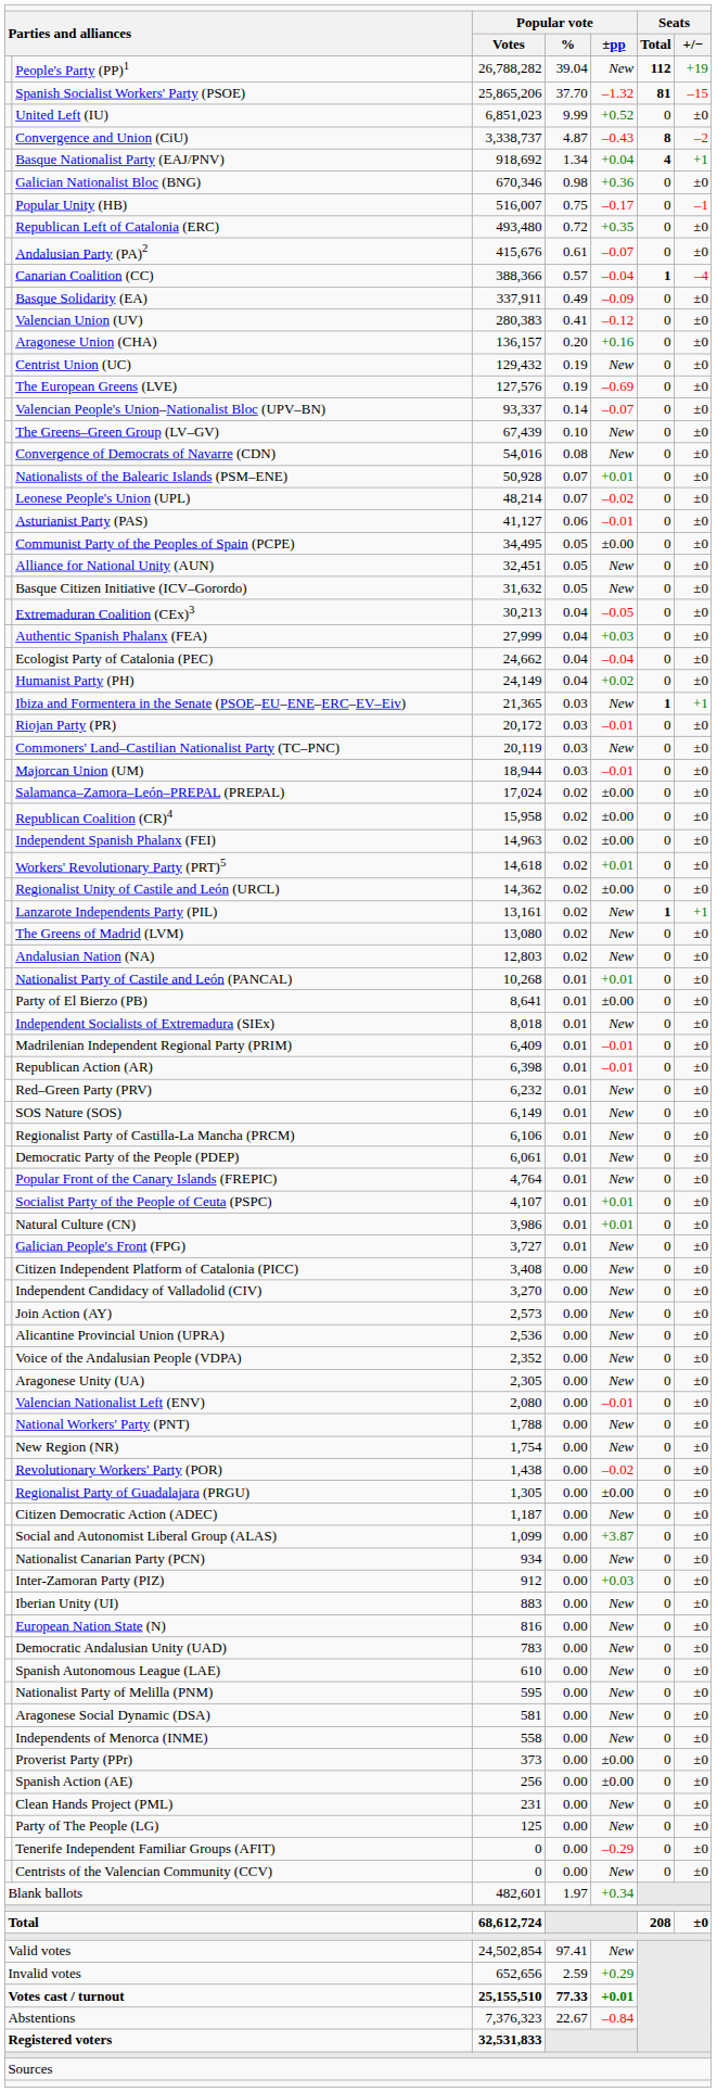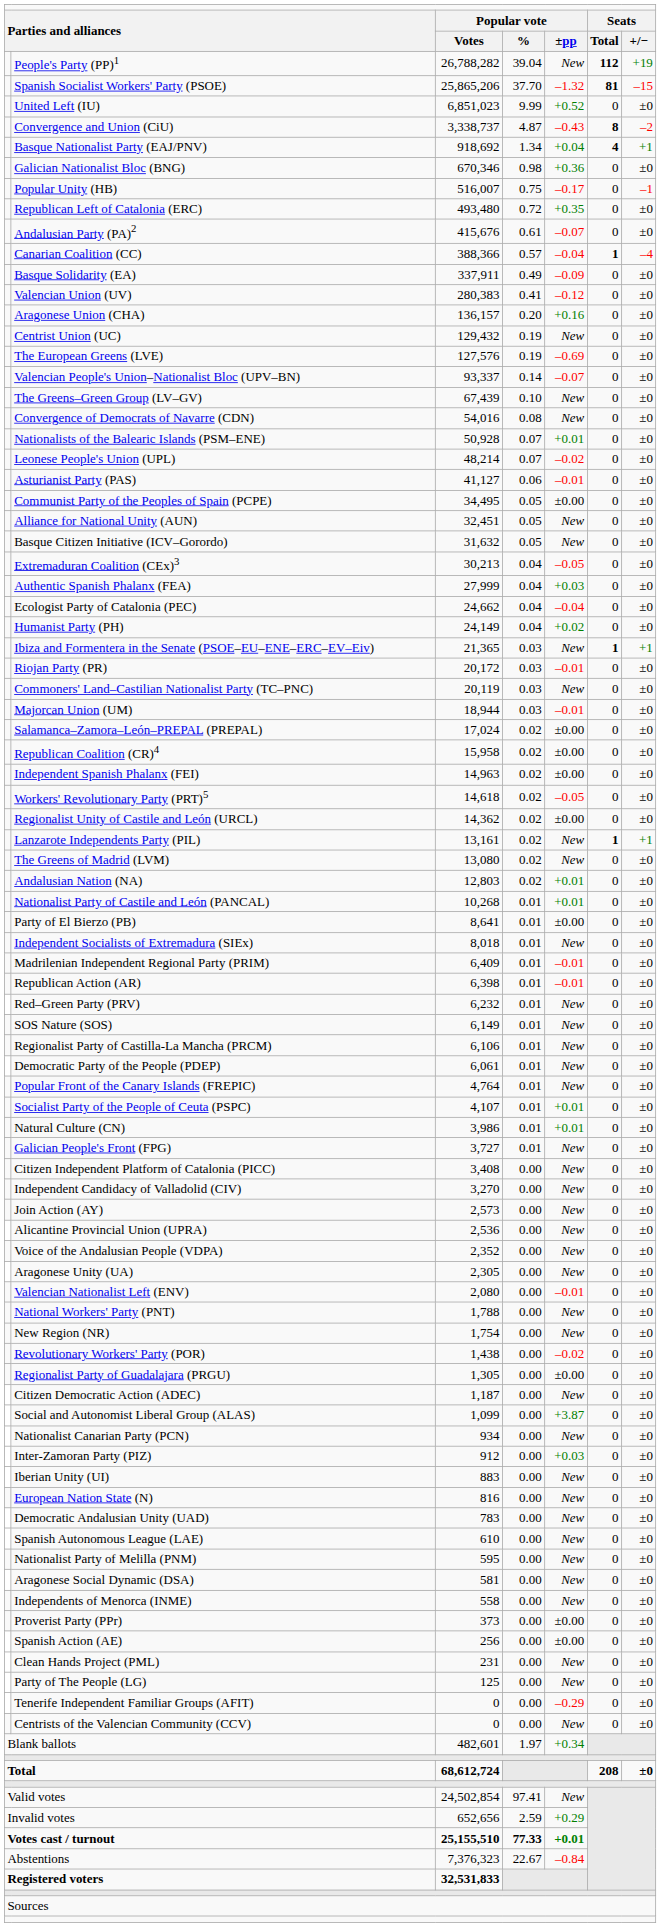 <table class="wikitable" style="text-align:right;">
 <tr>
 <td colspan="7"></td>
 </tr>
 <tr>
 <th style="text-align:left;" rowspan="2" colspan="2" width="525">Parties and alliances</th>
 <th colspan="3">Popular vote</th>
 <th colspan="2">Seats</th>
 </tr>
 <tr>
 <th width="75">Votes</th>
 <th width="45">%</th>
 <th width="45">±<a href='#'>pp</a></th>
 <th width="35">Total</th>
 <th width="35">+/−</th>
 </tr>
 <tr>
 <td width="1" style="color:inherit;background:"></td>
 <td align="left"><a href='#'>People's Party</a> (PP)<sup>1</sup></td>
 <td>26,788,282</td>
 <td>39.04</td>
 <td><em>New</em></td>
 <td><strong>112</strong></td>
 <td style="color:green;">+19</td>
 </tr>
 <tr>
 <td style="color:inherit;background:"></td>
 <td align="left"><a href='#'>Spanish Socialist Workers' Party</a> (PSOE)</td>
 <td>25,865,206</td>
 <td>37.70</td>
 <td style="color:red;">–1.32</td>
 <td><strong>81</strong></td>
 <td style="color:red;">–15</td>
 </tr>
 <tr>
 <td style="color:inherit;background:"></td>
 <td align="left"><a href='#'>United Left</a> (IU)</td>
 <td>6,851,023</td>
 <td>9.99</td>
 <td style="color:green;">+0.52</td>
 <td>0</td>
 <td>±0</td>
 </tr>
 <tr>
 <td style="color:inherit;background:"></td>
 <td align="left"><a href='#'>Convergence and Union</a> (CiU)</td>
 <td>3,338,737</td>
 <td>4.87</td>
 <td style="color:red;">–0.43</td>
 <td><strong>8</strong></td>
 <td style="color:red;">–2</td>
 </tr>
 <tr>
 <td style="color:inherit;background:"></td>
 <td align="left"><a href='#'>Basque Nationalist Party</a> (EAJ/PNV)</td>
 <td>918,692</td>
 <td>1.34</td>
 <td style="color:green;">+0.04</td>
 <td><strong>4</strong></td>
 <td style="color:green;">+1</td>
 </tr>
 <tr>
 <td style="color:inherit;background:"></td>
 <td align="left"><a href='#'>Galician Nationalist Bloc</a> (BNG)</td>
 <td>670,346</td>
 <td>0.98</td>
 <td style="color:green;">+0.36</td>
 <td>0</td>
 <td>±0</td>
 </tr>
 <tr>
 <td style="color:inherit;background:"></td>
 <td align="left"><a href='#'>Popular Unity</a> (HB)</td>
 <td>516,007</td>
 <td>0.75</td>
 <td style="color:red;">–0.17</td>
 <td>0</td>
 <td style="color:red;">–1</td>
 </tr>
 <tr>
 <td style="color:inherit;background:"></td>
 <td align="left"><a href='#'>Republican Left of Catalonia</a> (ERC)</td>
 <td>493,480</td>
 <td>0.72</td>
 <td style="color:green;">+0.35</td>
 <td>0</td>
 <td>±0</td>
 </tr>
 <tr>
 <td style="color:inherit;background:"></td>
 <td align="left"><a href='#'>Andalusian Party</a> (PA)<sup>2</sup></td>
 <td>415,676</td>
 <td>0.61</td>
 <td style="color:red;">–0.07</td>
 <td>0</td>
 <td>±0</td>
 </tr>
 <tr>
 <td style="color:inherit;background:"></td>
 <td align="left"><a href='#'>Canarian Coalition</a> (CC)</td>
 <td>388,366</td>
 <td>0.57</td>
 <td style="color:red;">–0.04</td>
 <td><strong>1</strong></td>
 <td style="color:red;">–4</td>
 </tr>
 <tr>
 <td style="color:inherit;background:"></td>
 <td align="left"><a href='#'>Basque Solidarity</a> (EA)</td>
 <td>337,911</td>
 <td>0.49</td>
 <td style="color:red;">–0.09</td>
 <td>0</td>
 <td>±0</td>
 </tr>
 <tr>
 <td style="color:inherit;background:"></td>
 <td align="left"><a href='#'>Valencian Union</a> (UV)</td>
 <td>280,383</td>
 <td>0.41</td>
 <td style="color:red;">–0.12</td>
 <td>0</td>
 <td>±0</td>
 </tr>
 <tr>
 <td style="color:inherit;background:"></td>
 <td align="left"><a href='#'>Aragonese Union</a> (CHA)</td>
 <td>136,157</td>
 <td>0.20</td>
 <td style="color:green;">+0.16</td>
 <td>0</td>
 <td>±0</td>
 </tr>
 <tr>
 <td style="color:inherit;background:"></td>
 <td align="left"><a href='#'>Centrist Union</a> (UC)</td>
 <td>129,432</td>
 <td>0.19</td>
 <td><em>New</em></td>
 <td>0</td>
 <td>±0</td>
 </tr>
 <tr>
 <td style="color:inherit;background:"></td>
 <td align="left"><a href='#'>The European Greens</a> (LVE)</td>
 <td>127,576</td>
 <td>0.19</td>
 <td style="color:red;">–0.69</td>
 <td>0</td>
 <td>±0</td>
 </tr>
 <tr>
 <td style="color:inherit;background:"></td>
 <td align="left"><a href='#'>Valencian People's Union</a>–<a href='#'>Nationalist Bloc</a> (UPV–BN)</td>
 <td>93,337</td>
 <td>0.14</td>
 <td style="color:red;">–0.07</td>
 <td>0</td>
 <td>±0</td>
 </tr>
 <tr>
 <td style="color:inherit;background:"></td>
 <td align="left"><a href='#'>The Greens–Green Group</a> (LV–GV)</td>
 <td>67,439</td>
 <td>0.10</td>
 <td><em>New</em></td>
 <td>0</td>
 <td>±0</td>
 </tr>
 <tr>
 <td style="color:inherit;background:"></td>
 <td align="left"><a href='#'>Convergence of Democrats of Navarre</a> (CDN)</td>
 <td>54,016</td>
 <td>0.08</td>
 <td><em>New</em></td>
 <td>0</td>
 <td>±0</td>
 </tr>
 <tr>
 <td style="color:inherit;background:"></td>
 <td align="left"><a href='#'>Nationalists of the Balearic Islands</a> (PSM–ENE)</td>
 <td>50,928</td>
 <td>0.07</td>
 <td style="color:green;">+0.01</td>
 <td>0</td>
 <td>±0</td>
 </tr>
 <tr>
 <td style="color:inherit;background:"></td>
 <td align="left"><a href='#'>Leonese People's Union</a> (UPL)</td>
 <td>48,214</td>
 <td>0.07</td>
 <td style="color:red;">–0.02</td>
 <td>0</td>
 <td>±0</td>
 </tr>
 <tr>
 <td style="color:inherit;background:"></td>
 <td align="left"><a href='#'>Asturianist Party</a> (PAS)</td>
 <td>41,127</td>
 <td>0.06</td>
 <td style="color:red;">–0.01</td>
 <td>0</td>
 <td>±0</td>
 </tr>
 <tr>
 <td style="color:inherit;background:"></td>
 <td align="left"><a href='#'>Communist Party of the Peoples of Spain</a> (PCPE)</td>
 <td>34,495</td>
 <td>0.05</td>
 <td>±0.00</td>
 <td>0</td>
 <td>±0</td>
 </tr>
 <tr>
 <td style="color:inherit;background:"></td>
 <td align="left"><a href='#'>Alliance for National Unity</a> (AUN)</td>
 <td>32,451</td>
 <td>0.05</td>
 <td><em>New</em></td>
 <td>0</td>
 <td>±0</td>
 </tr>
 <tr>
 <td style="color:inherit;background:"></td>
 <td align="left">Basque Citizen Initiative (ICV–Gorordo)</td>
 <td>31,632</td>
 <td>0.05</td>
 <td><em>New</em></td>
 <td>0</td>
 <td>±0</td>
 </tr>
 <tr>
 <td style="color:inherit;background:"></td>
 <td align="left"><a href='#'>Extremaduran Coalition</a> (CEx)<sup>3</sup></td>
 <td>30,213</td>
 <td>0.04</td>
 <td style="color:red;">–0.05</td>
 <td>0</td>
 <td>±0</td>
 </tr>
 <tr>
 <td style="color:inherit;background:"></td>
 <td align="left"><a href='#'>Authentic Spanish Phalanx</a> (FEA)</td>
 <td>27,999</td>
 <td>0.04</td>
 <td style="color:green;">+0.03</td>
 <td>0</td>
 <td>±0</td>
 </tr>
 <tr>
 <td style="color:inherit;background:"></td>
 <td align="left">Ecologist Party of Catalonia (PEC)</td>
 <td>24,662</td>
 <td>0.04</td>
 <td style="color:red;">–0.04</td>
 <td>0</td>
 <td>±0</td>
 </tr>
 <tr>
 <td style="color:inherit;background:"></td>
 <td align="left"><a href='#'>Humanist Party</a> (PH)</td>
 <td>24,149</td>
 <td>0.04</td>
 <td style="color:green;">+0.02</td>
 <td>0</td>
 <td>±0</td>
 </tr>
 <tr>
 <td style="color:inherit;background:"></td>
 <td align="left"><a href='#'>Ibiza and Formentera in the Senate</a> (<a href='#'>PSOE</a>–<a href='#'>EU</a>–<a href='#'>ENE</a>–<a href='#'>ERC</a>–<a href='#'>EV–Eiv</a>)</td>
 <td>21,365</td>
 <td>0.03</td>
 <td><em>New</em></td>
 <td><strong>1</strong></td>
 <td style="color:green;">+1</td>
 </tr>
 <tr>
 <td style="color:inherit;background:"></td>
 <td align="left"><a href='#'>Riojan Party</a> (PR)</td>
 <td>20,172</td>
 <td>0.03</td>
 <td style="color:red;">–0.01</td>
 <td>0</td>
 <td>±0</td>
 </tr>
 <tr>
 <td style="color:inherit;background:"></td>
 <td align="left"><a href='#'>Commoners' Land–Castilian Nationalist Party</a> (TC–PNC)</td>
 <td>20,119</td>
 <td>0.03</td>
 <td><em>New</em></td>
 <td>0</td>
 <td>±0</td>
 </tr>
 <tr>
 <td style="color:inherit;background:"></td>
 <td align="left"><a href='#'>Majorcan Union</a> (UM)</td>
 <td>18,944</td>
 <td>0.03</td>
 <td style="color:red;">–0.01</td>
 <td>0</td>
 <td>±0</td>
 </tr>
 <tr>
 <td style="color:inherit;background:"></td>
 <td align="left"><a href='#'>Salamanca–Zamora–León–PREPAL</a> (PREPAL)</td>
 <td>17,024</td>
 <td>0.02</td>
 <td>±0.00</td>
 <td>0</td>
 <td>±0</td>
 </tr>
 <tr>
 <td style="color:inherit;background:"></td>
 <td align="left"><a href='#'>Republican Coalition</a> (CR)<sup>4</sup></td>
 <td>15,958</td>
 <td>0.02</td>
 <td>±0.00</td>
 <td>0</td>
 <td>±0</td>
 </tr>
 <tr>
 <td style="color:inherit;background:"></td>
 <td align="left"><a href='#'>Independent Spanish Phalanx</a> (FEI)</td>
 <td>14,963</td>
 <td>0.02</td>
 <td>±0.00</td>
 <td>0</td>
 <td>±0</td>
 </tr>
 <tr>
 <td style="color:inherit;background:"></td>
 <td align="left"><a href='#'>Workers' Revolutionary Party</a> (PRT)<sup>5</sup></td>
 <td>14,618</td>
 <td>0.02</td>
-<td style="color:green;">+0.01</td>
+<td style="color:red;">–0.05</td>
 <td>0</td>
 <td>±0</td>
 </tr>
 <tr>
 <td style="color:inherit;background:"></td>
 <td align="left"><a href='#'>Regionalist Unity of Castile and León</a> (URCL)</td>
 <td>14,362</td>
 <td>0.02</td>
 <td>±0.00</td>
 <td>0</td>
 <td>±0</td>
 </tr>
 <tr>
 <td style="color:inherit;background:"></td>
 <td align="left"><a href='#'>Lanzarote Independents Party</a> (PIL)</td>
 <td>13,161</td>
 <td>0.02</td>
 <td><em>New</em></td>
 <td><strong>1</strong></td>
 <td style="color:green;">+1</td>
 </tr>
 <tr>
 <td style="color:inherit;background:"></td>
 <td align="left"><a href='#'>The Greens of Madrid</a> (LVM)</td>
 <td>13,080</td>
 <td>0.02</td>
 <td><em>New</em></td>
 <td>0</td>
 <td>±0</td>
 </tr>
 <tr>
 <td style="color:inherit;background:"></td>
 <td align="left"><a href='#'>Andalusian Nation</a> (NA)</td>
 <td>12,803</td>
 <td>0.02</td>
-<td><em>New</em></td>
+<td style="color:green;">+0.01</td>
 <td>0</td>
 <td>±0</td>
 </tr>
 <tr>
 <td style="color:inherit;background:"></td>
 <td align="left"><a href='#'>Nationalist Party of Castile and León</a> (PANCAL)</td>
 <td>10,268</td>
 <td>0.01</td>
 <td style="color:green;">+0.01</td>
 <td>0</td>
 <td>±0</td>
 </tr>
 <tr>
 <td style="color:inherit;background:"></td>
 <td align="left">Party of El Bierzo (PB)</td>
 <td>8,641</td>
 <td>0.01</td>
 <td>±0.00</td>
 <td>0</td>
 <td>±0</td>
 </tr>
 <tr>
 <td style="color:inherit;background:"></td>
 <td align="left"><a href='#'>Independent Socialists of Extremadura</a> (SIEx)</td>
 <td>8,018</td>
 <td>0.01</td>
 <td><em>New</em></td>
 <td>0</td>
 <td>±0</td>
 </tr>
 <tr>
 <td style="color:inherit;background:"></td>
 <td align="left">Madrilenian Independent Regional Party (PRIM)</td>
 <td>6,409</td>
 <td>0.01</td>
 <td style="color:red;">–0.01</td>
 <td>0</td>
 <td>±0</td>
 </tr>
 <tr>
 <td style="color:inherit;background:"></td>
 <td align="left">Republican Action (AR)</td>
 <td>6,398</td>
 <td>0.01</td>
 <td style="color:red;">–0.01</td>
 <td>0</td>
 <td>±0</td>
 </tr>
 <tr>
 <td bgcolor="white"></td>
 <td align="left">Red–Green Party (PRV)</td>
 <td>6,232</td>
 <td>0.01</td>
 <td><em>New</em></td>
 <td>0</td>
 <td>±0</td>
 </tr>
 <tr>
 <td style="color:inherit;background:"></td>
 <td align="left">SOS Nature (SOS)</td>
 <td>6,149</td>
 <td>0.01</td>
 <td><em>New</em></td>
 <td>0</td>
 <td>±0</td>
 </tr>
 <tr>
 <td style="color:inherit;background:"></td>
 <td align="left">Regionalist Party of Castilla-La Mancha (PRCM)</td>
 <td>6,106</td>
 <td>0.01</td>
 <td><em>New</em></td>
 <td>0</td>
 <td>±0</td>
 </tr>
 <tr>
 <td bgcolor="white"></td>
 <td align="left">Democratic Party of the People (PDEP)</td>
 <td>6,061</td>
 <td>0.01</td>
 <td><em>New</em></td>
 <td>0</td>
 <td>±0</td>
 </tr>
 <tr>
 <td style="color:inherit;background:"></td>
 <td align="left"><a href='#'>Popular Front of the Canary Islands</a> (FREPIC)</td>
 <td>4,764</td>
 <td>0.01</td>
 <td><em>New</em></td>
 <td>0</td>
 <td>±0</td>
 </tr>
 <tr>
 <td style="color:inherit;background:"></td>
 <td align="left"><a href='#'>Socialist Party of the People of Ceuta</a> (PSPC)</td>
 <td>4,107</td>
 <td>0.01</td>
 <td style="color:green;">+0.01</td>
 <td>0</td>
 <td>±0</td>
 </tr>
 <tr>
 <td style="color:inherit;background:"></td>
 <td align="left">Natural Culture (CN)</td>
 <td>3,986</td>
 <td>0.01</td>
 <td style="color:green;">+0.01</td>
 <td>0</td>
 <td>±0</td>
 </tr>
 <tr>
 <td style="color:inherit;background:"></td>
 <td align="left"><a href='#'>Galician People's Front</a> (FPG)</td>
 <td>3,727</td>
 <td>0.01</td>
 <td><em>New</em></td>
 <td>0</td>
 <td>±0</td>
 </tr>
 <tr>
 <td style="color:inherit;background:"></td>
 <td align="left">Citizen Independent Platform of Catalonia (PICC)</td>
 <td>3,408</td>
 <td>0.00</td>
 <td><em>New</em></td>
 <td>0</td>
 <td>±0</td>
 </tr>
 <tr>
 <td style="color:inherit;background:"></td>
 <td align="left">Independent Candidacy of Valladolid (CIV)</td>
 <td>3,270</td>
 <td>0.00</td>
 <td><em>New</em></td>
 <td>0</td>
 <td>±0</td>
 </tr>
 <tr>
 <td style="color:inherit;background:"></td>
 <td align="left">Join Action (AY)</td>
 <td>2,573</td>
 <td>0.00</td>
 <td><em>New</em></td>
 <td>0</td>
 <td>±0</td>
 </tr>
 <tr>
 <td bgcolor="white"></td>
 <td align="left">Alicantine Provincial Union (UPRA)</td>
 <td>2,536</td>
 <td>0.00</td>
 <td><em>New</em></td>
 <td>0</td>
 <td>±0</td>
 </tr>
 <tr>
 <td style="color:inherit;background:"></td>
 <td align="left">Voice of the Andalusian People (VDPA)</td>
 <td>2,352</td>
 <td>0.00</td>
 <td><em>New</em></td>
 <td>0</td>
 <td>±0</td>
 </tr>
 <tr>
 <td bgcolor="white"></td>
 <td align="left">Aragonese Unity (UA)</td>
 <td>2,305</td>
 <td>0.00</td>
 <td><em>New</em></td>
 <td>0</td>
 <td>±0</td>
 </tr>
 <tr>
 <td style="color:inherit;background:"></td>
 <td align="left"><a href='#'>Valencian Nationalist Left</a> (ENV)</td>
 <td>2,080</td>
 <td>0.00</td>
 <td style="color:red;">–0.01</td>
 <td>0</td>
 <td>±0</td>
 </tr>
 <tr>
 <td style="color:inherit;background:"></td>
 <td align="left"><a href='#'>National Workers' Party</a> (PNT)</td>
 <td>1,788</td>
 <td>0.00</td>
 <td><em>New</em></td>
 <td>0</td>
 <td>±0</td>
 </tr>
 <tr>
 <td style="color:inherit;background:"></td>
 <td align="left">New Region (NR)</td>
 <td>1,754</td>
 <td>0.00</td>
 <td><em>New</em></td>
 <td>0</td>
 <td>±0</td>
 </tr>
 <tr>
 <td style="color:inherit;background:"></td>
 <td align="left"><a href='#'>Revolutionary Workers' Party</a> (POR)</td>
 <td>1,438</td>
 <td>0.00</td>
 <td style="color:red;">–0.02</td>
 <td>0</td>
 <td>±0</td>
 </tr>
 <tr>
 <td style="color:inherit;background:"></td>
 <td align="left"><a href='#'>Regionalist Party of Guadalajara</a> (PRGU)</td>
 <td>1,305</td>
 <td>0.00</td>
 <td>±0.00</td>
 <td>0</td>
 <td>±0</td>
 </tr>
 <tr>
 <td bgcolor="white"></td>
 <td align="left">Citizen Democratic Action (ADEC)</td>
 <td>1,187</td>
 <td>0.00</td>
 <td><em>New</em></td>
 <td>0</td>
 <td>±0</td>
 </tr>
 <tr>
 <td bgcolor="white"></td>
 <td align="left">Social and Autonomist Liberal Group (ALAS)</td>
 <td>1,099</td>
 <td>0.00</td>
 <td style="color:green;">+3.87</td>
 <td>0</td>
 <td>±0</td>
 </tr>
 <tr>
 <td bgcolor="white"></td>
 <td align="left">Nationalist Canarian Party (PCN)</td>
 <td>934</td>
 <td>0.00</td>
 <td><em>New</em></td>
 <td>0</td>
 <td>±0</td>
 </tr>
 <tr>
 <td bgcolor="white"></td>
 <td align="left">Inter-Zamoran Party (PIZ)</td>
 <td>912</td>
 <td>0.00</td>
 <td style="color:green;">+0.03</td>
 <td>0</td>
 <td>±0</td>
 </tr>
 <tr>
 <td bgcolor="white"></td>
 <td align="left">Iberian Unity (UI)</td>
 <td>883</td>
 <td>0.00</td>
 <td><em>New</em></td>
 <td>0</td>
 <td>±0</td>
 </tr>
 <tr>
 <td style="color:inherit;background:"></td>
 <td align="left"><a href='#'>European Nation State</a> (N)</td>
 <td>816</td>
 <td>0.00</td>
 <td><em>New</em></td>
 <td>0</td>
 <td>±0</td>
 </tr>
 <tr>
 <td bgcolor="white"></td>
 <td align="left">Democratic Andalusian Unity (UAD)</td>
 <td>783</td>
 <td>0.00</td>
 <td><em>New</em></td>
 <td>0</td>
 <td>±0</td>
 </tr>
 <tr>
 <td bgcolor="white"></td>
 <td align="left">Spanish Autonomous League (LAE)</td>
 <td>610</td>
 <td>0.00</td>
 <td><em>New</em></td>
 <td>0</td>
 <td>±0</td>
 </tr>
 <tr>
 <td style="color:inherit;background:"></td>
 <td align="left">Nationalist Party of Melilla (PNM)</td>
 <td>595</td>
 <td>0.00</td>
 <td><em>New</em></td>
 <td>0</td>
 <td>±0</td>
 </tr>
 <tr>
 <td bgcolor="white"></td>
 <td align="left">Aragonese Social Dynamic (DSA)</td>
 <td>581</td>
 <td>0.00</td>
 <td><em>New</em></td>
 <td>0</td>
 <td>±0</td>
 </tr>
 <tr>
 <td style="color:inherit;background:"></td>
 <td align="left">Independents of Menorca (INME)</td>
 <td>558</td>
 <td>0.00</td>
 <td><em>New</em></td>
 <td>0</td>
 <td>±0</td>
 </tr>
 <tr>
 <td style="color:inherit;background:"></td>
 <td align="left">Proverist Party (PPr)</td>
 <td>373</td>
 <td>0.00</td>
 <td>±0.00</td>
 <td>0</td>
 <td>±0</td>
 </tr>
 <tr>
 <td bgcolor="white"></td>
 <td align="left">Spanish Action (AE)</td>
 <td>256</td>
 <td>0.00</td>
 <td>±0.00</td>
 <td>0</td>
 <td>±0</td>
 </tr>
 <tr>
 <td bgcolor="white"></td>
 <td align="left">Clean Hands Project (PML)</td>
 <td>231</td>
 <td>0.00</td>
 <td><em>New</em></td>
 <td>0</td>
 <td>±0</td>
 </tr>
 <tr>
 <td bgcolor="white"></td>
 <td align="left">Party of The People (LG)</td>
 <td>125</td>
 <td>0.00</td>
 <td><em>New</em></td>
 <td>0</td>
 <td>±0</td>
 </tr>
 <tr>
 <td bgcolor="white"></td>
 <td align="left">Tenerife Independent Familiar Groups (AFIT)</td>
 <td>0</td>
 <td>0.00</td>
 <td style="color:red;">–0.29</td>
 <td>0</td>
 <td>±0</td>
 </tr>
 <tr>
 <td style="color:inherit;background:"></td>
 <td align="left">Centrists of the Valencian Community (CCV)</td>
 <td>0</td>
 <td>0.00</td>
 <td><em>New</em></td>
 <td>0</td>
 <td>±0</td>
 </tr>
 <tr>
 <td align="left" colspan="2">Blank ballots</td>
 <td>482,601</td>
 <td>1.97</td>
 <td style="color:green;">+0.34</td>
 <td bgcolor="#E9E9E9" colspan="2"></td>
 </tr>
 <tr>
 <td colspan="7" bgcolor="#E9E9E9"></td>
 </tr>
 <tr style="font-weight:bold;">
 <td align="left" colspan="2">Total</td>
 <td>68,612,724</td>
 <td bgcolor="#E9E9E9" colspan="2"></td>
 <td>208</td>
 <td>±0</td>
 </tr>
 <tr>
 <td colspan="7" bgcolor="#E9E9E9"></td>
 </tr>
 <tr>
 <td align="left" colspan="2">Valid votes</td>
 <td>24,502,854</td>
 <td>97.41</td>
 <td><em>New</em></td>
 <td bgcolor="#E9E9E9" colspan="2" rowspan="5"></td>
 </tr>
 <tr>
 <td align="left" colspan="2">Invalid votes</td>
 <td>652,656</td>
 <td>2.59</td>
 <td style="color:green;">+0.29</td>
 </tr>
 <tr style="font-weight:bold;">
 <td align="left" colspan="2">Votes cast / turnout</td>
 <td>25,155,510</td>
 <td>77.33</td>
 <td style="color:green;">+0.01</td>
 </tr>
 <tr>
 <td align="left" colspan="2">Abstentions</td>
 <td>7,376,323</td>
 <td>22.67</td>
 <td style="color:red;">–0.84</td>
 </tr>
 <tr style="font-weight:bold;">
 <td align="left" colspan="2">Registered voters</td>
 <td>32,531,833</td>
 <td bgcolor="#E9E9E9" colspan="2"></td>
 </tr>
 <tr>
 <td colspan="7" bgcolor="#E9E9E9"></td>
 </tr>
 <tr>
 <td align="left" colspan="7">Sources</td>
 </tr>
 <tr>
 <td colspan="7" style="text-align:left; max-width:790px;"></td>
 </tr>
 </table>
